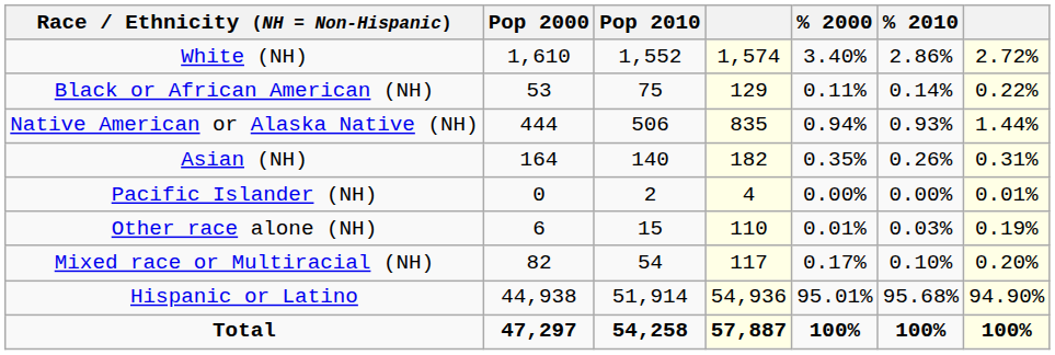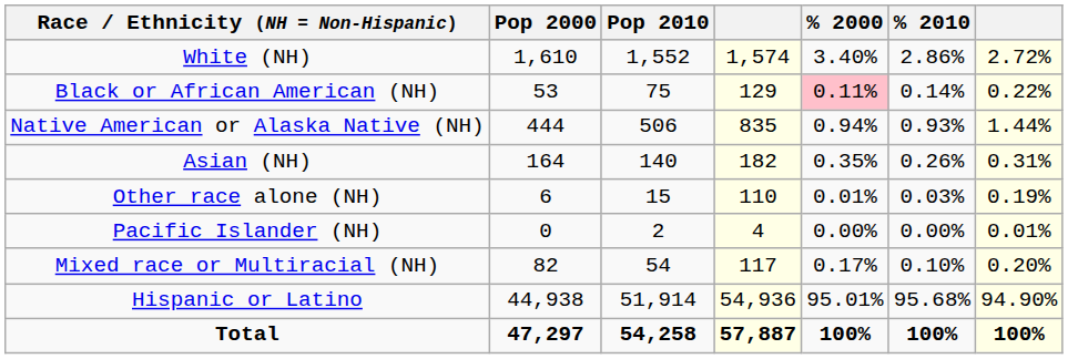 <table class="wikitable" style="text-align:center;">
 <tr>
 <th>Race / Ethnicity <small>(<em>NH = Non-Hispanic</em>)</small></th>
 <th>Pop 2000</th>
 <th>Pop 2010</th>
 <th></th>
 <th>% 2000</th>
 <th>% 2010</th>
 <th></th>
 </tr>
 <tr>
 <td><a href='#'>White</a> (NH)</td>
 <td>1,610</td>
 <td>1,552</td>
 <td style='background: #ffffe6;'>1,574</td>
 <td>3.40%</td>
 <td>2.86%</td>
 <td style='background: #ffffe6;'>2.72%</td>
 </tr>
 <tr>
 <td><a href='#'>Black or African American</a> (NH)</td>
 <td>53</td>
 <td>75</td>
 <td style='background: #ffffe6;'>129</td>
-<td>0.11%</td>
+<td style="background: pink;">0.11%</td>
 <td>0.14%</td>
 <td style='background: #ffffe6;'>0.22%</td>
 </tr>
 <tr>
 <td><a href='#'>Native American</a> or <a href='#'>Alaska Native</a> (NH)</td>
 <td>444</td>
 <td>506</td>
 <td style='background: #ffffe6;'>835</td>
 <td>0.94%</td>
 <td>0.93%</td>
 <td style='background: #ffffe6;'>1.44%</td>
 </tr>
 <tr>
 <td><a href='#'>Asian</a> (NH)</td>
 <td>164</td>
 <td>140</td>
 <td style='background: #ffffe6;'>182</td>
 <td>0.35%</td>
 <td>0.26%</td>
 <td style='background: #ffffe6;'>0.31%</td>
 </tr>
 <tr>
+<td><a href='#'>Other race</a> alone (NH)</td>
+<td>6</td>
+<td>15</td>
+<td style='background: #ffffe6;'>110</td>
+<td>0.01%</td>
+<td>0.03%</td>
+<td style='background: #ffffe6;'>0.19%</td>
+</tr>
+<tr>
 <td><a href='#'>Pacific Islander</a> (NH)</td>
 <td>0</td>
 <td>2</td>
 <td style='background: #ffffe6;'>4</td>
 <td>0.00%</td>
 <td>0.00%</td>
 <td style='background: #ffffe6;'>0.01%</td>
-</tr>
-<tr>
-<td><a href='#'>Other race</a> alone (NH)</td>
-<td>6</td>
-<td>15</td>
-<td style='background: #ffffe6;'>110</td>
-<td>0.01%</td>
-<td>0.03%</td>
-<td style='background: #ffffe6;'>0.19%</td>
 </tr>
 <tr>
 <td><a href='#'>Mixed race or Multiracial</a> (NH)</td>
 <td>82</td>
 <td>54</td>
 <td style='background: #ffffe6;'>117</td>
 <td>0.17%</td>
 <td>0.10%</td>
 <td style='background: #ffffe6;'>0.20%</td>
 </tr>
 <tr>
 <td><a href='#'>Hispanic or Latino</a></td>
 <td>44,938</td>
 <td>51,914</td>
 <td style='background: #ffffe6;'>54,936</td>
 <td>95.01%</td>
 <td>95.68%</td>
 <td style='background: #ffffe6;'>94.90%</td>
 </tr>
 <tr>
 <td><strong>Total</strong></td>
 <td><strong>47,297</strong></td>
 <td><strong>54,258</strong></td>
 <td style='background: #ffffe6;'><strong>57,887</strong></td>
 <td><strong>100%</strong></td>
 <td><strong>100%</strong></td>
 <td style='background: #ffffe6;'><strong>100%</strong></td>
 </tr>
 </table>
